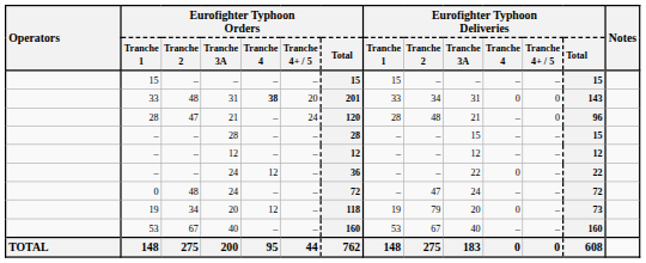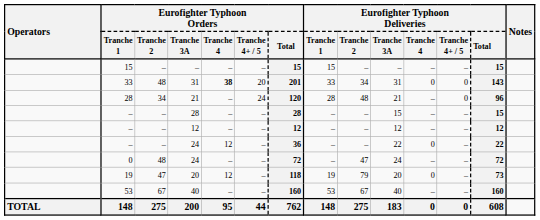 <table class="wikitable">
 <tr>
 <th rowspan="2" style="width: 150px;border-right:solid 2px black;border-left:solid 2px black;border-top:solid 2px black;border-bottom:solid 2px black; text-align:left">Operators</th>
 <th colspan="6" style="border-right:solid 2px black;border-top:solid 2px black">Eurofighter Typhoon<br>Orders</th>
 <th colspan="6" style="border-right:solid 2px black;border-top:solid 2px black">Eurofighter Typhoon<br>Deliveries</th>
 <th rowspan="2" style="border-right:solid 2px black;border-top:solid 2px black;border-bottom:solid 2px black">Notes</th>
 </tr>
 <tr>
 <th style="width: 37px;border-top:dashed 2px black;border-bottom:solid 2px black"><small>Tranche 1</small></th>
 <th style="width: 37px;border-top:dashed 2px black;border-bottom:solid 2px black"><small>Tranche 2</small></th>
 <th style="width: 37px;border-top:dashed 2px black;border-bottom:solid 2px black"><small>Tranche 3A</small></th>
 <th style="width: 37px;border-top:dashed 2px black;border-bottom:solid 2px black"><small>Tranche 4</small></th>
 <th style="width: 37px;border-top:dashed 2px black;border-bottom:solid 2px black"><small>Tranche 4+ / 5</small></th>
 <th style="width: 50px;border-top:dashed 2px black;border-left:dashed 2px black;border-right:solid 2px black;border-bottom:solid 2px black"><small>Total</small></th>
 <th style="width: 37px;border-top:dashed 2px black;border-bottom:solid 2px black"><small>Tranche 1</small></th>
 <th style="width: 37px;border-top:dashed 2px black;border-bottom:solid 2px black"><small>Tranche 2</small></th>
 <th style="width: 37px;border-top:dashed 2px black;border-bottom:solid 2px black"><small>Tranche 3A</small></th>
 <th style="width: 37px;border-top:dashed 2px black;border-bottom:solid 2px black"><small>Tranche 4</small></th>
 <th style="width: 37px;border-top:dashed 2px black;border-bottom:solid 2px black"><small>Tranche 4+ / 5</small></th>
 <th style="width: 50px;border-top:dashed 2px black;border-left:dashed 2px black;border-right:solid 2px black;border-bottom:solid 2px black; text-align:left"><small>Total</small></th>
 </tr>
 <tr>
 <td style="border-right:solid 2px black;border-left:solid 2px black"><small></small></td>
 <td style="text-align:right"><small>15</small></td>
 <td style="text-align:right"><small>–</small></td>
 <td style="text-align:right"><small>–</small></td>
 <td style="text-align:right"><small>–</small></td>
 <td style="text-align:right"><small>–</small></td>
 <th style="width: 35px;border-left:dashed 2px black;border-right:solid 2px black;text-align:right"><small>15</small></th>
 <td style="text-align:right"><small>15</small></td>
 <td style="text-align:right"><small>–</small></td>
 <td style="text-align:right"><small>–</small></td>
 <td style="text-align:right"><small>–</small></td>
 <td style="text-align:right"><small>–</small></td>
 <th style="width: 35px;border-left:dashed 2px black;border-right:solid 2px black;text-align:right"><small>15</small></th>
 <td style="width: 35px;border-right:solid 2px black"></td>
 </tr>
 <tr>
 <td style="border-right:solid 2px black;border-left:solid 2px black"><small></small></td>
 <td style="text-align:right"><small>33</small></td>
 <td style="text-align:right"><small>48</small></td>
 <td style="text-align:right"><small>31</small></td>
 <td style="text-align:right"><strong><small>38</small></strong></td>
 <td style="text-align:right"><small>20</small></td>
 <th style="width: 35px;border-left:dashed 2px black;border-right:solid 2px black;text-align:right"><small>201</small></th>
 <td style="text-align:right"><small>33</small></td>
 <td style="text-align:right"><small>34</small></td>
 <td style="text-align:right"><small>31</small></td>
 <td style="text-align:right"><small>0</small><br><small></small></td>
 <td style="text-align:right"><small>0</small><br><small></small></td>
 <th style="width: 35px;border-left:dashed 2px black;border-right:solid 2px black;text-align:right"><small>143</small></th>
 <td style="width: 35px;border-right:solid 2px black"></td>
 </tr>
 <tr>
 <td style="border-right:solid 2px black;border-left:solid 2px black"><small></small></td>
 <td style="text-align:right"><small>28</small></td>
-<td style="text-align:right"><small>47</small></td>
+<td style="text-align:right"><small>34</small></td>
 <td style="text-align:right"><small>21</small></td>
 <td style="text-align:right"><small>–</small></td>
 <td style="text-align:right"><small>24</small></td>
 <th style="width: 35px;border-left:dashed 2px black;border-right:solid 2px black;text-align:right"><small>120</small></th>
 <td style="text-align:right"><small>28</small></td>
 <td style="text-align:right"><small>48</small></td>
 <td style="text-align:right"><small>21</small></td>
 <td style="text-align:right"><small>–</small></td>
 <td style="text-align:right"><small>0</small><br><small></small></td>
 <th style="width: 35px;border-left:dashed 2px black;border-right:solid 2px black;text-align:right"><small>96</small></th>
 <td style="width: 35px;border-right:solid 2px black"></td>
 </tr>
 <tr>
 <td style="border-right:solid 2px black;border-left:solid 2px black"><small></small></td>
 <td style="text-align:right"><small>–</small></td>
 <td style="text-align:right"><small>–</small></td>
 <td style="text-align:right"><small>28</small></td>
 <td style="text-align:right"><small>–</small></td>
 <td style="text-align:right"><small>–</small></td>
 <th style="width: 35px;border-left:dashed 2px black;border-right:solid 2px black;text-align:right"><small>28</small></th>
 <td style="text-align:right"><small>–</small></td>
 <td style="text-align:right"><small>–</small></td>
 <td style="text-align:right"><small>15</small><br><small></small></td>
 <td style="text-align:right"><small>–</small></td>
 <td style="text-align:right"><small>–</small></td>
 <th style="width: 35px;border-left:dashed 2px black;border-right:solid 2px black;text-align:right"><small>15</small></th>
 <td style="width: 35px;border-right:solid 2px black"></td>
 </tr>
 <tr>
 <td style="border-right:solid 2px black;border-left:solid 2px black"><small></small></td>
 <td style="text-align:right"><small>–</small></td>
 <td style="text-align:right"><small>–</small></td>
 <td style="text-align:right"><small>12</small></td>
 <td style="text-align:right"><small>–</small></td>
 <td style="text-align:right"><small>–</small></td>
 <th style="width: 35px;border-left:dashed 2px black;border-right:solid 2px black;text-align:right"><small>12</small></th>
 <td style="text-align:right"><small>–</small></td>
 <td style="text-align:right"><small>–</small></td>
 <td style="text-align:right"><small>12</small></td>
 <td style="text-align:right"><small>–</small></td>
 <td style="text-align:right"><small>–</small></td>
 <th style="width: 35px;border-left:dashed 2px black;border-right:solid 2px black;text-align:right"><small>12</small></th>
 <td style="width: 35px;border-right:solid 2px black"></td>
 </tr>
 <tr>
 <td style="border-right:solid 2px black;border-left:solid 2px black"><small></small></td>
 <td style="text-align:right"><small>–</small></td>
 <td style="text-align:right"><small>–</small></td>
 <td style="text-align:right"><small>24</small></td>
 <td style="text-align:right"><small>12</small></td>
 <td style="text-align:right"><small>–</small></td>
 <th style="width: 35px;border-left:dashed 2px black;border-right:solid 2px black;text-align:right"><small>36</small></th>
 <td style="text-align:right"><small>–</small></td>
 <td style="text-align:right"><small>–</small></td>
 <td style="text-align:right"><small>22</small><br><small></small></td>
 <td style="text-align:right"><small>0</small><br><small></small></td>
 <td style="text-align:right"><small>–</small></td>
 <th style="width: 35px;border-left:dashed 2px black;border-right:solid 2px black;text-align:right"><small>22</small></th>
 <td style="width: 35px;border-right:solid 2px black"></td>
 </tr>
 <tr>
 <td style="border-right:solid 2px black;border-left:solid 2px black"><small></small></td>
 <td style="text-align:right"><small>0</small></td>
 <td style="text-align:right"><small>48</small></td>
 <td style="text-align:right"><small>24</small></td>
 <td style="text-align:right"><small>–</small></td>
 <td style="text-align:right"><small>–</small></td>
 <th style="width: 35px;border-left:dashed 2px black;border-right:solid 2px black;text-align:right"><small>72</small></th>
 <td style="text-align:right"><small>–</small></td>
 <td style="text-align:right"><small>47</small></td>
 <td style="text-align:right"><small>24</small></td>
 <td style="text-align:right"><small>–</small></td>
 <td style="text-align:right"><small>–</small></td>
 <th style="width: 35px;border-left:dashed 2px black;border-right:solid 2px black;text-align:right"><small>72</small></th>
 <td style="width: 35px;border-right:solid 2px black"></td>
 </tr>
 <tr>
 <td style="border-right:solid 2px black;border-left:solid 2px black"><small></small></td>
 <td style="text-align:right"><small>19</small></td>
-<td style="text-align:right"><small>34</small></td>
+<td style="text-align:right"><small>47</small></td>
 <td style="text-align:right"><small>20</small></td>
 <td style="text-align:right"><small>12</small></td>
 <td style="text-align:right"><small>–</small></td>
 <th style="width: 35px;border-left:dashed 2px black;border-right:solid 2px black;text-align:right"><small>118</small></th>
 <td style="text-align:right"><small>19</small></td>
 <td style="text-align:right"><small>79</small></td>
 <td style="text-align:right"><small>20</small></td>
 <td style="text-align:right"><small>0</small><br><small></small></td>
 <td style="text-align:right"><small>–</small></td>
 <th style="width: 35px;border-left:dashed 2px black;border-right:solid 2px black;text-align:right"><small>73</small></th>
 <td style="width: 35px;border-right:solid 2px black"></td>
 </tr>
 <tr>
 <td style="border-right:solid 2px black;border-left:solid 2px black"><small></small></td>
 <td style="text-align:right"><small>53</small></td>
 <td style="text-align:right"><small>67</small></td>
 <td style="text-align:right"><small>40</small></td>
 <td style="text-align:right"><small>–</small></td>
 <td style="text-align:right"><small>–</small></td>
 <th style="width: 35px;border-left:dashed 2px black;border-right:solid 2px black;text-align:right"><small>160</small></th>
 <td style="text-align:right"><small>53</small></td>
 <td style="text-align:right"><small>67</small></td>
 <td style="text-align:right"><small>40</small></td>
 <td style="text-align:right"><small>–</small></td>
 <td style="text-align:right"><small>–</small></td>
 <th style="width: 35px;border-left:dashed 2px black;border-right:solid 2px black;text-align:right"><small>160</small></th>
 <td style="width: 35px;border-right:solid 2px black"></td>
 </tr>
 <tr>
 <th style="border-right:solid 2px black;border-left:solid 2px black;border-bottom:solid 2px black;border-top:solid 2px black;text-align:left">TOTAL</th>
 <th style="border-bottom:solid 2px black;border-top:solid 2px black;text-align:right">148</th>
 <th style="border-bottom:solid 2px black;border-top:solid 2px black;text-align:right">275</th>
 <th style="border-bottom:solid 2px black;border-top:solid 2px black;text-align:right">200</th>
 <th style="border-bottom:solid 2px black;border-top:solid 2px black;text-align:right">95</th>
 <th style="border-bottom:solid 2px black;border-top:solid 2px black;text-align:right">44</th>
 <th style="border-right:solid 2px black;border-left:dashed 2px black;border-bottom:solid 2px black;border-top:solid 2px black;text-align:right">762</th>
 <th style="border-bottom:solid 2px black;border-top:solid 2px black;text-align:right">148</th>
 <th style="border-bottom:solid 2px black;border-top:solid 2px black;text-align:right">275</th>
 <th style="border-bottom:solid 2px black;border-top:solid 2px black;text-align:right">183</th>
 <th style="border-bottom:solid 2px black;border-top:solid 2px black;text-align:right">0</th>
 <th style="border-bottom:solid 2px black;border-top:solid 2px black;text-align:right">0</th>
 <th style="border-right:solid 2px black;border-left:dashed 2px black;border-bottom:solid 2px black;border-top:solid 2px black;text-align:right">608</th>
 <td style="border-right:solid 2px black;border-bottom:solid 2px black;border-top:solid 2px black"></td>
 </tr>
 </table>
